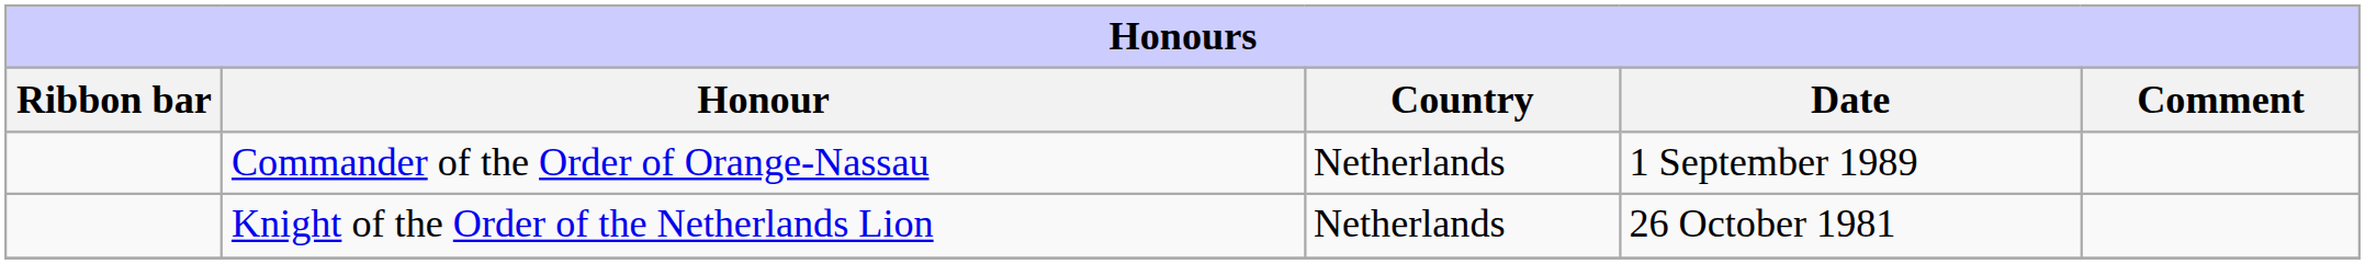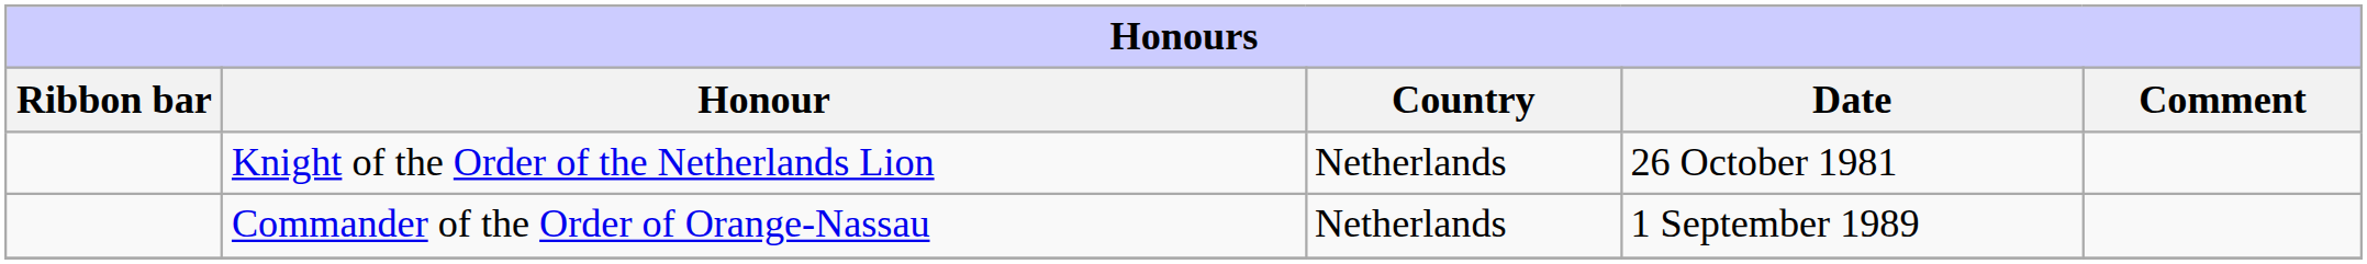 <table class="wikitable" style="width:60%;">
 <tr style="background:#ccf; text-align:center;">
 <td colspan=5><strong>Honours</strong></td>
 </tr>
 <tr>
 <th style="width:80px;">Ribbon bar</th>
 <th>Honour</th>
 <th>Country</th>
 <th>Date</th>
 <th>Comment</th>
 </tr>
 <tr>
 <td></td>
+<td><a href='#'>Knight</a> of the <a href='#'>Order of the Netherlands Lion</a></td>
+<td>Netherlands</td>
+<td>26 October 1981</td>
+<td></td>
+</tr>
+<tr>
+<td></td>
 <td><a href='#'>Commander</a> of the <a href='#'>Order of Orange-Nassau</a></td>
 <td>Netherlands</td>
 <td>1 September 1989</td>
 <td></td>
 </tr>
 <tr>
-<td></td>
-<td><a href='#'>Knight</a> of the <a href='#'>Order of the Netherlands Lion</a></td>
-<td>Netherlands</td>
-<td>26 October 1981</td>
-<td></td>
-</tr>
-<tr>
 </tr>
 </table>
